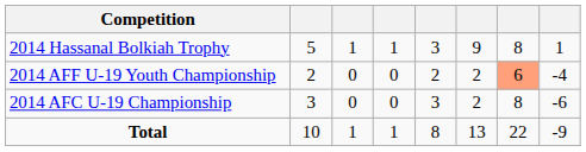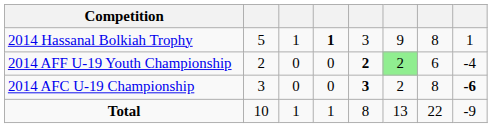 <table class="wikitable" style="text-align: center;">
 <tr>
 <th width=250>Competition</th>
 <th width=30></th>
 <th width=30></th>
 <th width=30></th>
 <th width=30></th>
 <th width=30></th>
 <th width=30></th>
 <th width=30></th>
 </tr>
 <tr>
 <td align="left"><a href='#'>2014 Hassanal Bolkiah Trophy</a></td>
 <td>5</td>
 <td>1</td>
-<td>1</td>
+<td><strong>1</strong></td>
 <td>3</td>
 <td>9</td>
 <td>8</td>
 <td>1</td>
 </tr>
 <tr>
 <td align="left"><a href='#'>2014 AFF U-19 Youth Championship</a></td>
 <td>2</td>
 <td>0</td>
 <td>0</td>
-<td>2</td>
-<td>2</td>
-<td style="background: lightsalmon;">6</td>
+<td><strong>2</strong></td>
+<td style="background: lightgreen;">2</td>
+<td>6</td>
 <td>-4</td>
 </tr>
 <tr>
 <td align="left"><a href='#'>2014 AFC U-19 Championship</a></td>
 <td>3</td>
 <td>0</td>
 <td>0</td>
-<td>3</td>
+<td><strong>3</strong></td>
 <td>2</td>
 <td>8</td>
-<td>-6</td>
+<td><strong>-6</strong></td>
 </tr>
 <tr>
 <td><strong>Total</strong></td>
 <td>10</td>
 <td>1</td>
 <td>1</td>
 <td>8</td>
 <td>13</td>
 <td>22</td>
 <td>-9</td>
 </tr>
 </table>
